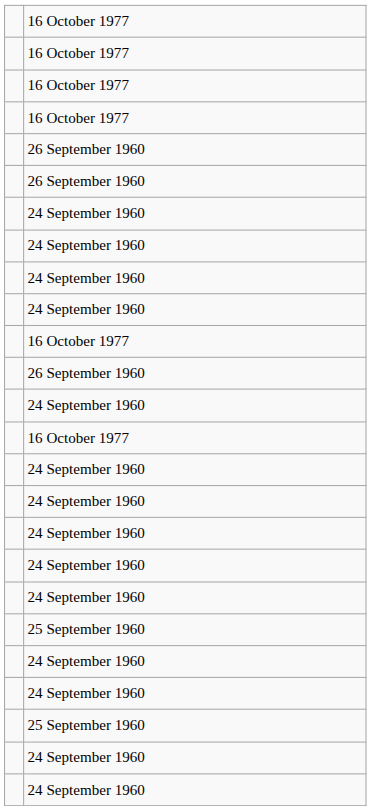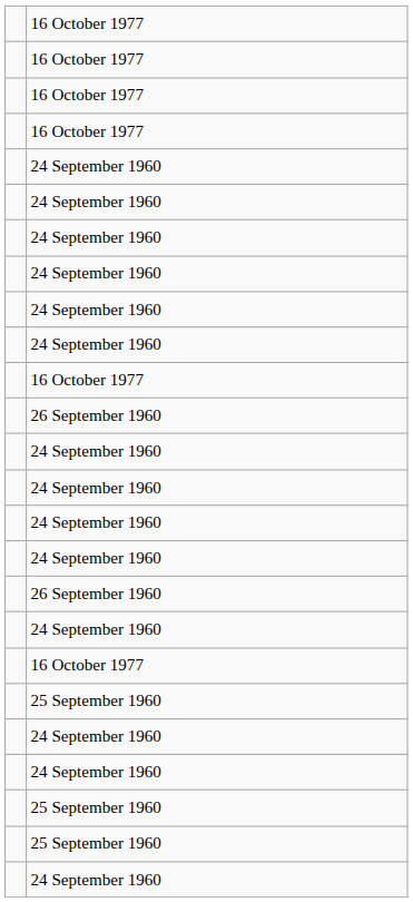 <table class="wikitable" style="font-size: 89%; float: left; width: 24em; margin-right: 1em; line-height: 1.65em">
 <tr>
 <td></td>
 <td>16 October 1977</td>
 </tr>
 <tr>
 <td></td>
 <td>16 October 1977</td>
 </tr>
 <tr>
 <td></td>
 <td>16 October 1977</td>
 </tr>
 <tr>
 <td></td>
 <td>16 October 1977</td>
 </tr>
 <tr>
 <td></td>
-<td>26 September 1960</td>
+<td>24 September 1960</td>
 </tr>
 <tr>
 <td></td>
-<td>26 September 1960</td>
+<td>24 September 1960</td>
 </tr>
 <tr>
 <td></td>
 <td>24 September 1960</td>
 </tr>
 <tr>
 <td></td>
 <td>24 September 1960</td>
 </tr>
 <tr>
 <td></td>
 <td>24 September 1960</td>
 </tr>
 <tr>
 <td></td>
 <td>24 September 1960</td>
 </tr>
 <tr>
 <td></td>
 <td>16 October 1977</td>
 </tr>
 <tr>
 <td></td>
 <td>26 September 1960</td>
 </tr>
 <tr>
 <td></td>
 <td>24 September 1960</td>
 </tr>
 <tr>
 <td></td>
-<td>16 October 1977</td>
-</tr>
-<tr>
-<td></td>
 <td>24 September 1960</td>
 </tr>
 <tr>
 <td></td>
 <td>24 September 1960</td>
 </tr>
 <tr>
 <td></td>
 <td>24 September 1960</td>
 </tr>
 <tr>
 <td></td>
+<td>26 September 1960</td>
+</tr>
+<tr>
+<td></td>
 <td>24 September 1960</td>
 </tr>
 <tr>
 <td></td>
-<td>24 September 1960</td>
+<td>16 October 1977</td>
 </tr>
 <tr>
 <td></td>
 <td>25 September 1960</td>
 </tr>
 <tr>
 <td></td>
 <td>24 September 1960</td>
 </tr>
 <tr>
 <td></td>
 <td>24 September 1960</td>
 </tr>
 <tr>
 <td></td>
 <td>25 September 1960</td>
 </tr>
 <tr>
 <td></td>
-<td>24 September 1960</td>
+<td>25 September 1960</td>
 </tr>
 <tr>
 <td></td>
 <td>24 September 1960</td>
 </tr>
 </table>
